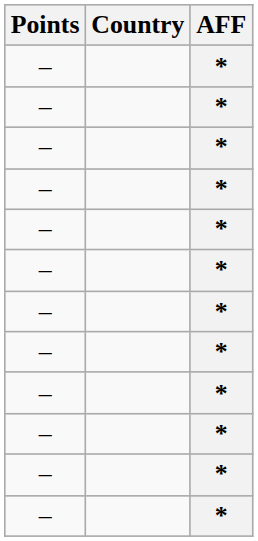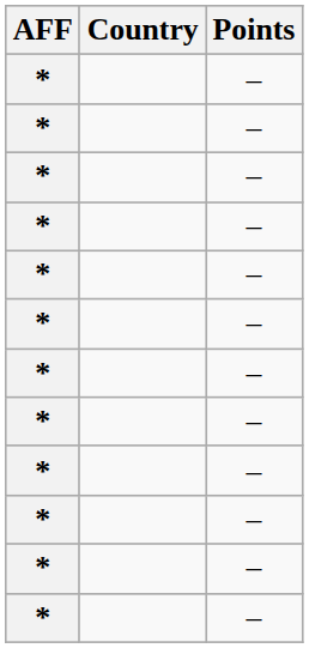 <table class="wikitable" style="text-align: center;">
 <tr>
+<th>AFF</th>
+<th>Country</th>
 <th>Points</th>
-<th>Country</th>
-<th>AFF</th>
 </tr>
 <tr>
+<th>*</th>
+<td align=left></td>
 <td>–</td>
-<td align=left></td>
-<th>*</th>
 </tr>
 <tr>
+<th>*</th>
+<td align=left></td>
 <td>–</td>
-<td align=left></td>
-<th>*</th>
 </tr>
 <tr>
+<th>*</th>
+<td align=left></td>
 <td>–</td>
-<td align=left></td>
-<th>*</th>
 </tr>
 <tr>
+<th>*</th>
+<td align=left></td>
 <td>–</td>
-<td align=left></td>
-<th>*</th>
 </tr>
 <tr>
+<th>*</th>
+<td align=left></td>
 <td>–</td>
-<td align=left></td>
-<th>*</th>
 </tr>
 <tr>
+<th>*</th>
+<td align=left></td>
 <td>–</td>
-<td align=left></td>
-<th>*</th>
 </tr>
 <tr>
+<th>*</th>
+<td align=left></td>
 <td>–</td>
-<td align=left></td>
-<th>*</th>
 </tr>
 <tr>
+<th>*</th>
+<td align=left></td>
 <td>–</td>
-<td align=left></td>
-<th>*</th>
 </tr>
 <tr>
+<th>*</th>
+<td align=left></td>
 <td>–</td>
-<td align=left></td>
-<th>*</th>
 </tr>
 <tr>
+<th>*</th>
+<td align=left></td>
 <td>–</td>
-<td align=left></td>
-<th>*</th>
 </tr>
 <tr>
+<th>*</th>
+<td align=left></td>
 <td>–</td>
-<td align=left></td>
-<th>*</th>
 </tr>
 <tr>
+<th>*</th>
+<td align=left></td>
 <td>–</td>
-<td align=left></td>
-<th>*</th>
 </tr>
 </table>
